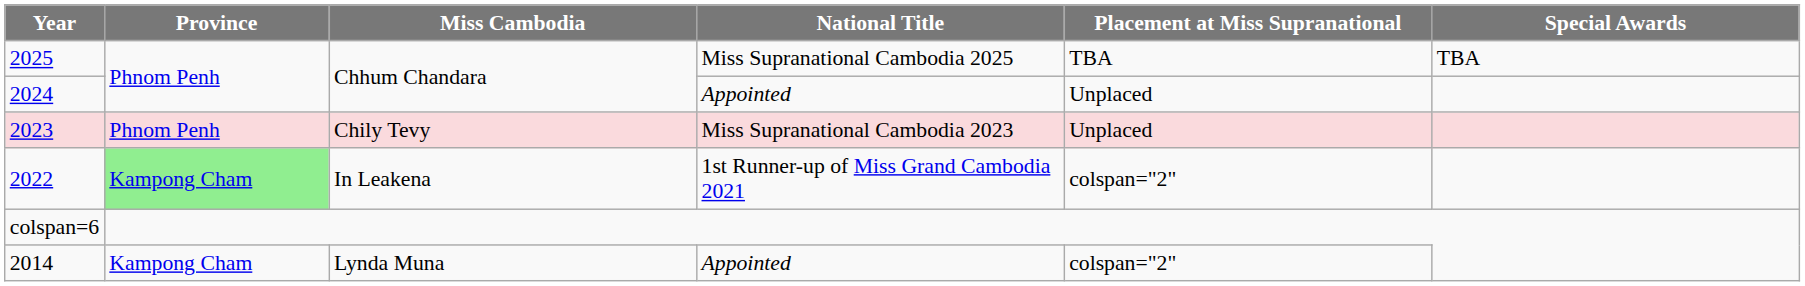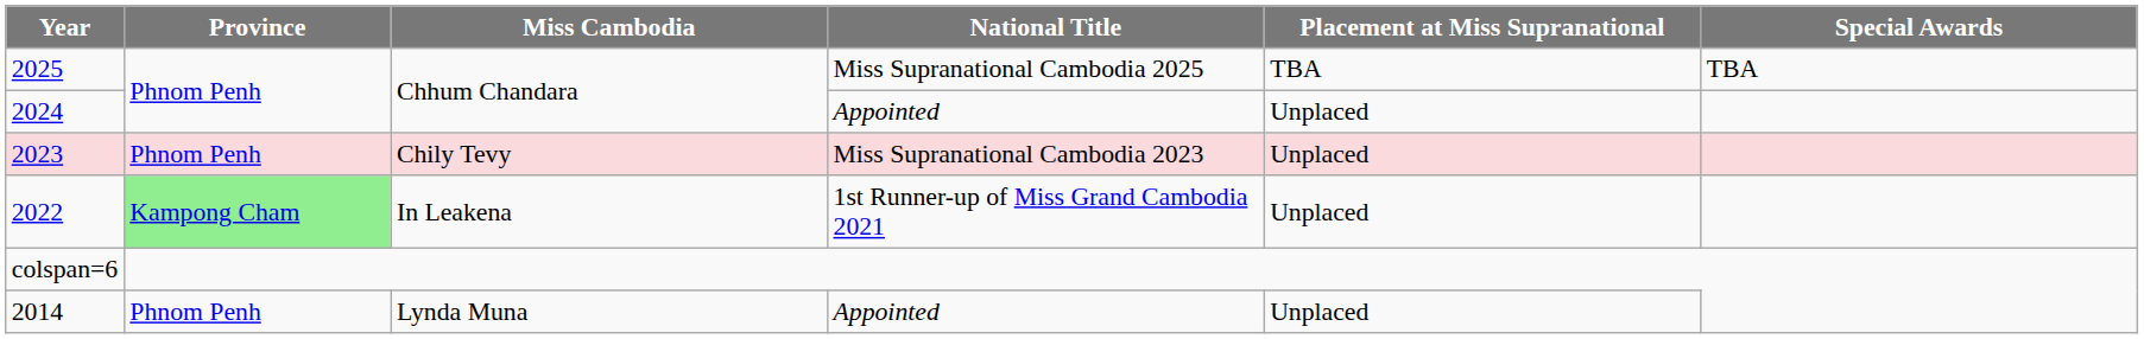 <table class="wikitable " style="font-size: 95%;">
 <tr>
 <th width="60" style="background-color:#787878;color:#FFFFFF;">Year</th>
 <th width="150" style="background-color:#787878;color:#FFFFFF;">Province</th>
 <th width="250" style="background-color:#787878;color:#FFFFFF;">Miss Cambodia</th>
 <th width="250" style="background-color:#787878;color:#FFFFFF;">National Title</th>
 <th width="250" style="background-color:#787878;color:#FFFFFF;">Placement at Miss Supranational</th>
 <th width="250" style="background-color:#787878;color:#FFFFFF;">Special Awards</th>
 </tr>
 <tr>
 <td><a href='#'>2025</a></td>
 <td rowspan="2"><a href='#'>Phnom Penh</a></td>
 <td rowspan="2">Chhum Chandara</td>
 <td>Miss Supranational Cambodia 2025</td>
 <td>TBA</td>
 <td>TBA</td>
 </tr>
 <tr>
 <td><a href='#'>2024</a></td>
 <td><em>Appointed</em></td>
 <td>Unplaced</td>
 </tr>
 <tr style="background-color:#FADADD">
 <td><a href='#'>2023</a></td>
 <td><a href='#'>Phnom Penh</a></td>
 <td>Chily Tevy</td>
 <td>Miss Supranational Cambodia 2023</td>
 <td>Unplaced</td>
 <td style="background:;"></td>
 </tr>
 <tr>
 <td><a href='#'>2022</a></td>
 <td style="background: lightgreen;"><a href='#'>Kampong Cham</a></td>
 <td>In Leakena</td>
 <td>1st Runner-up of <a href='#'>Miss Grand Cambodia 2021</a></td>
-<td>colspan="2" </td>
+<td>Unplaced</td>
 <td></td>
 </tr>
 <tr>
 <td>colspan=6 </td>
 </tr>
 <tr>
 <td>2014</td>
-<td><a href='#'>Kampong Cham</a></td>
+<td><a href='#'>Phnom Penh</a></td>
 <td>Lynda Muna</td>
 <td><em>Appointed</em></td>
-<td>colspan="2" </td>
+<td>Unplaced</td>
 </tr>
 </table>
